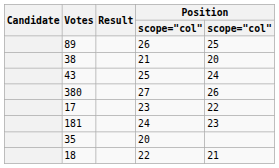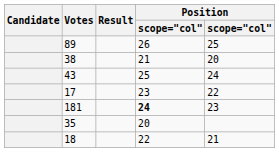 <table class="wikitable sortable defaultright col3left">
 <tr>
 <th scope="col" rowspan="2">Candidate</th>
 <th scope="col" rowspan="2">Votes</th>
 <th scope="col" rowspan="2">Result</th>
 <th scope="col" colspan="2">Position</th>
 </tr>
 <tr>
 <th>scope="col" </th>
 <th>scope="col" </th>
 </tr>
 <tr>
 <th scope="row"></th>
 <td>89</td>
 <td></td>
 <td>26</td>
 <td>25</td>
 </tr>
 <tr>
 <th scope="row"></th>
 <td>38</td>
 <td></td>
 <td>21</td>
 <td>20</td>
 </tr>
 <tr>
 <th scope="row"></th>
 <td>43</td>
 <td></td>
 <td>25</td>
 <td>24</td>
 </tr>
 <tr>
 <th scope="row"></th>
-<td>380</td>
-<td></td>
-<td>27</td>
-<td>26</td>
-</tr>
-<tr>
-<th scope="row"></th>
 <td>17</td>
 <td></td>
 <td>23</td>
 <td>22</td>
 </tr>
 <tr>
 <th scope="row"></th>
 <td>181</td>
 <td></td>
-<td>24</td>
+<td><strong>24</strong></td>
 <td>23</td>
 </tr>
 <tr>
 <th scope="row"></th>
 <td>35</td>
 <td></td>
 <td>20</td>
 <td></td>
 </tr>
 <tr>
 <th scope="row"></th>
 <td>18</td>
 <td></td>
 <td>22</td>
 <td>21</td>
 </tr>
 </table>
